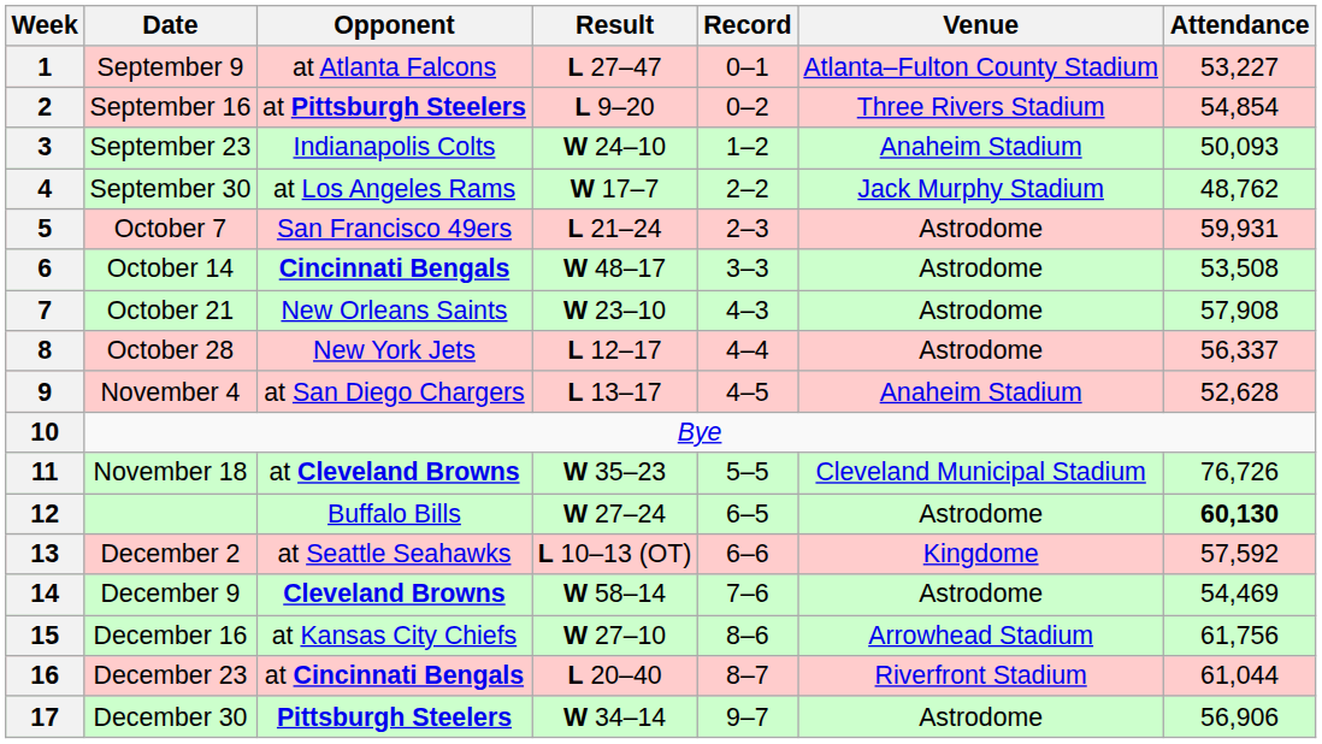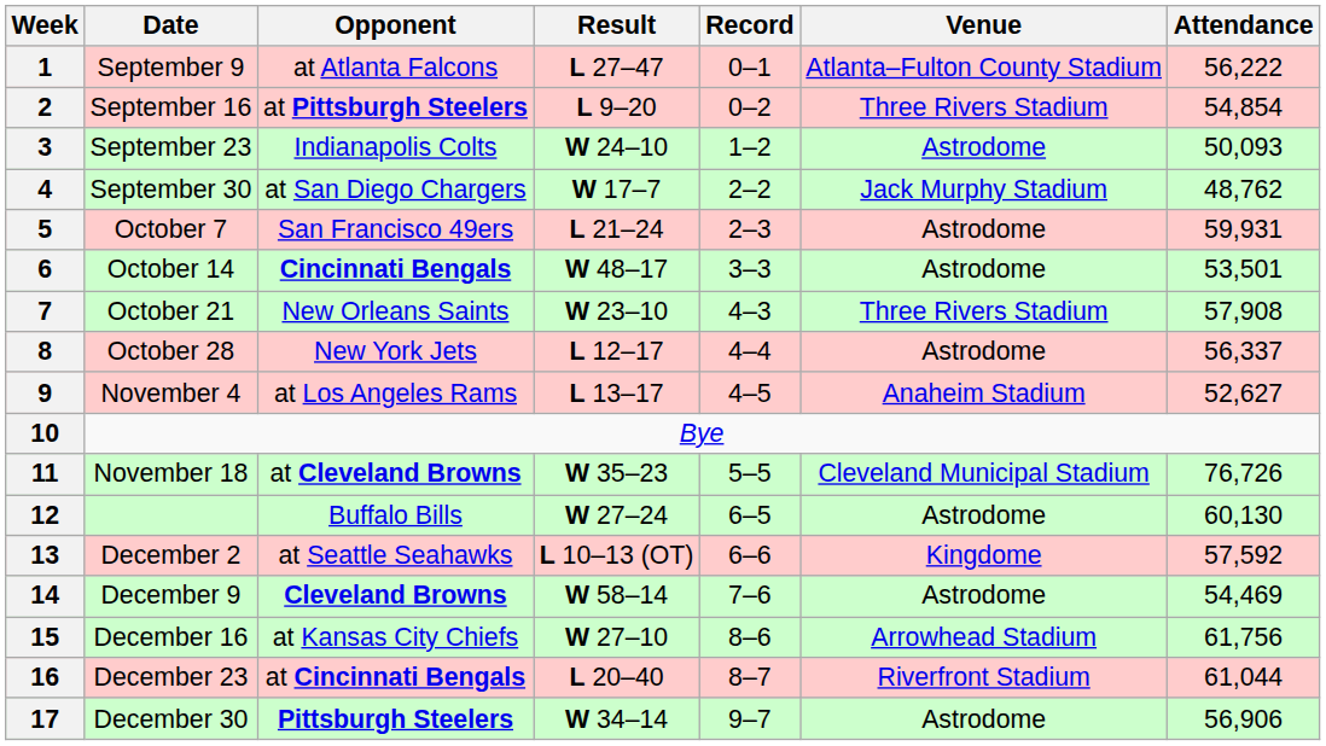 <table class="wikitable" style="text-align:center">
 <tr>
 <th>Week</th>
 <th>Date</th>
 <th>Opponent</th>
 <th>Result</th>
 <th>Record</th>
 <th>Venue</th>
 <th>Attendance</th>
 </tr>
 <tr style="background:#fcc">
 <th>1</th>
 <td>September 9</td>
 <td>at <a href='#'>Atlanta Falcons</a></td>
 <td><strong>L</strong> 27–47</td>
 <td>0–1</td>
 <td><a href='#'>Atlanta–Fulton County Stadium</a></td>
-<td>53,227</td>
+<td>56,222</td>
 </tr>
 <tr style="background:#fcc">
 <th>2</th>
 <td>September 16</td>
 <td>at <strong><a href='#'>Pittsburgh Steelers</a></strong></td>
 <td><strong>L</strong> 9–20</td>
 <td>0–2</td>
 <td><a href='#'>Three Rivers Stadium</a></td>
 <td>54,854</td>
 </tr>
 <tr style="background:#cfc">
 <th>3</th>
 <td>September 23</td>
 <td><a href='#'>Indianapolis Colts</a></td>
 <td><strong>W</strong> 24–10</td>
 <td>1–2</td>
-<td><a href='#'>Anaheim Stadium</a></td>
+<td><a href='#'>Astrodome</a></td>
 <td>50,093</td>
 </tr>
 <tr style="background:#cfc">
 <th>4</th>
 <td>September 30</td>
-<td>at <a href='#'>Los Angeles Rams</a></td>
+<td>at <a href='#'>San Diego Chargers</a></td>
 <td><strong>W</strong> 17–7</td>
 <td>2–2</td>
 <td><a href='#'>Jack Murphy Stadium</a></td>
 <td>48,762</td>
 </tr>
 <tr style="background:#fcc">
 <th>5</th>
 <td>October 7</td>
 <td><a href='#'>San Francisco 49ers</a></td>
 <td><strong>L</strong> 21–24</td>
 <td>2–3</td>
 <td>Astrodome</td>
 <td>59,931</td>
 </tr>
 <tr style="background:#cfc">
 <th>6</th>
 <td>October 14</td>
 <td><strong><a href='#'>Cincinnati Bengals</a></strong></td>
 <td><strong>W</strong> 48–17</td>
 <td>3–3</td>
 <td>Astrodome</td>
-<td>53,508</td>
+<td>53,501</td>
 </tr>
 <tr style="background:#cfc">
 <th>7</th>
 <td>October 21</td>
 <td><a href='#'>New Orleans Saints</a></td>
 <td><strong>W</strong> 23–10</td>
 <td>4–3</td>
-<td>Astrodome</td>
+<td><a href='#'>Three Rivers Stadium</a></td>
 <td>57,908</td>
 </tr>
 <tr style="background:#fcc">
 <th>8</th>
 <td>October 28</td>
 <td><a href='#'>New York Jets</a></td>
 <td><strong>L</strong> 12–17</td>
 <td>4–4</td>
 <td>Astrodome</td>
 <td>56,337</td>
 </tr>
 <tr style="background:#fcc">
 <th>9</th>
 <td>November 4</td>
-<td>at <a href='#'>San Diego Chargers</a></td>
+<td>at <a href='#'>Los Angeles Rams</a></td>
 <td><strong>L</strong> 13–17</td>
 <td>4–5</td>
 <td><a href='#'>Anaheim Stadium</a></td>
-<td>52,628</td>
+<td>52,627</td>
 </tr>
 <tr>
 <th>10</th>
 <td colspan="6" align="center"><em><a href='#'>Bye</a></em></td>
 </tr>
 <tr style="background:#cfc">
 <th>11</th>
 <td>November 18</td>
 <td>at <strong><a href='#'>Cleveland Browns</a></strong></td>
 <td><strong>W</strong> 35–23</td>
 <td>5–5</td>
 <td><a href='#'>Cleveland Municipal Stadium</a></td>
 <td>76,726</td>
 </tr>
 <tr style="background:#cfc">
 <th>12</th>
 <td></td>
 <td><a href='#'>Buffalo Bills</a></td>
 <td><strong>W</strong> 27–24</td>
 <td>6–5</td>
 <td>Astrodome</td>
-<td><strong>60,130</strong></td>
+<td>60,130</td>
 </tr>
 <tr style="background:#fcc">
 <th>13</th>
 <td>December 2</td>
 <td>at <a href='#'>Seattle Seahawks</a></td>
 <td><strong>L</strong> 10–13 (OT)</td>
 <td>6–6</td>
 <td><a href='#'>Kingdome</a></td>
 <td>57,592</td>
 </tr>
 <tr style="background:#cfc">
 <th>14</th>
 <td>December 9</td>
 <td><strong><a href='#'>Cleveland Browns</a></strong></td>
 <td><strong>W</strong> 58–14</td>
 <td>7–6</td>
 <td>Astrodome</td>
 <td>54,469</td>
 </tr>
 <tr style="background:#cfc">
 <th>15</th>
 <td>December 16</td>
 <td>at <a href='#'>Kansas City Chiefs</a></td>
 <td><strong>W</strong> 27–10</td>
 <td>8–6</td>
 <td><a href='#'>Arrowhead Stadium</a></td>
 <td>61,756</td>
 </tr>
 <tr style="background:#fcc">
 <th>16</th>
 <td>December 23</td>
 <td>at <strong><a href='#'>Cincinnati Bengals</a></strong></td>
 <td><strong>L</strong> 20–40</td>
 <td>8–7</td>
 <td><a href='#'>Riverfront Stadium</a></td>
 <td>61,044</td>
 </tr>
 <tr style="background:#cfc">
 <th>17</th>
 <td>December 30</td>
 <td><strong><a href='#'>Pittsburgh Steelers</a></strong></td>
 <td><strong>W</strong> 34–14</td>
 <td>9–7</td>
 <td>Astrodome</td>
 <td>56,906</td>
 </tr>
 </table>
